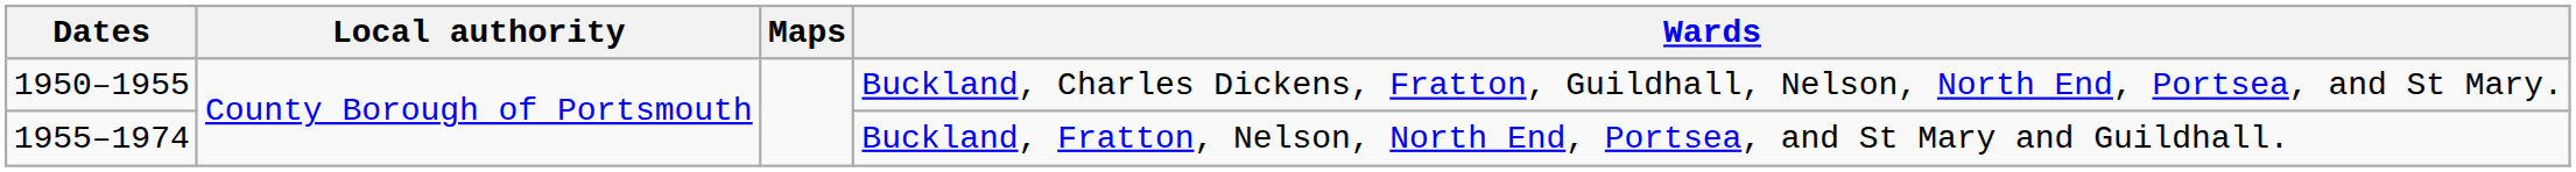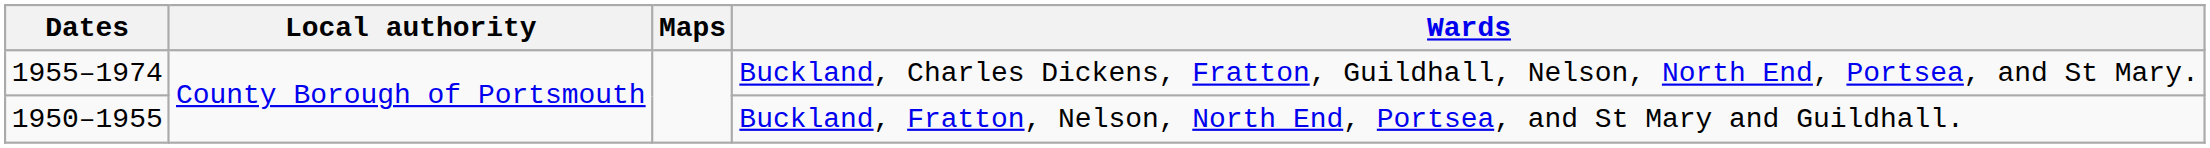 <table class=wikitable>
 <tr>
 <th>Dates</th>
 <th>Local authority</th>
 <th>Maps</th>
 <th><a href='#'>Wards</a></th>
 </tr>
 <tr>
-<td>1950–1955</td>
+<td>1955–1974</td>
 <td rowspan="2"><a href='#'>County Borough of Portsmouth</a></td>
 <td rowspan="2"></td>
 <td><a href='#'>Buckland</a>, Charles Dickens, <a href='#'>Fratton</a>, Guildhall, Nelson, <a href='#'>North End</a>, <a href='#'>Portsea</a>, and St Mary.</td>
 </tr>
 <tr>
-<td>1955–1974</td>
+<td>1950–1955</td>
 <td><a href='#'>Buckland</a>, <a href='#'>Fratton</a>, Nelson, <a href='#'>North End</a>, <a href='#'>Portsea</a>, and St Mary and Guildhall.</td>
 </tr>
 </table>
